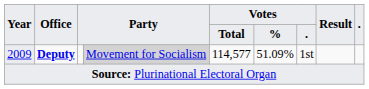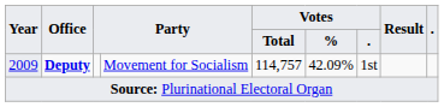 <table class="wikitable" style="font-size:90%; text-align:center;">
 <tr>
 <th style="background-color:#EAECF0;" rowspan=2>Year</th>
 <th style="background-color:#EAECF0;" rowspan=2>Office</th>
 <th style="background-color:#EAECF0;" colspan=2 rowspan=2>Party</th>
 <th style="background-color:#EAECF0;" colspan=3>Votes</th>
 <th style="background-color:#EAECF0;" rowspan=2>Result</th>
 <th style="background-color:#EAECF0;" rowspan=2>.</th>
 </tr>
 <tr>
 <th style="background-color:#EAECF0;">Total</th>
 <th style="background-color:#EAECF0;">%</th>
 <th style="background-color:#EAECF0;">.</th>
 </tr>
 <tr>
 <td style="background-color:#EAECF0;"><a href='#'>2009</a></td>
 <td><strong><a href='#'>Deputy</a></strong></td>
 <td style="background-color:"></td>
-<td style="background: lightgrey;"><a href='#'>Movement for Socialism</a></td>
-<td>114,577</td>
-<td>51.09%</td>
+<td><a href='#'>Movement for Socialism</a></td>
+<td>114,757</td>
+<td>42.09%</td>
 <td>1st</td>
 <td></td>
 <td></td>
 </tr>
 <tr>
 <td style="background-color:#EAECF0;" colspan=9><strong>Source:</strong> <a href='#'>Plurinational Electoral Organ</a>  </td>
 </tr>
 </table>
